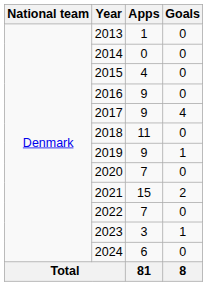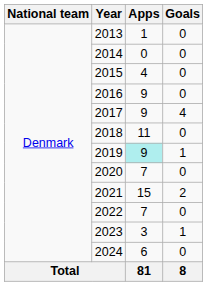 <table class="wikitable" style="text-align:center">
 <tr>
 <th>National team</th>
 <th>Year</th>
 <th>Apps</th>
 <th>Goals</th>
 </tr>
 <tr>
 <td rowspan=12><a href='#'>Denmark</a></td>
 <td>2013</td>
 <td>1</td>
 <td>0</td>
 </tr>
 <tr>
 <td>2014</td>
 <td>0</td>
 <td>0</td>
 </tr>
 <tr>
 <td>2015</td>
 <td>4</td>
 <td>0</td>
 </tr>
 <tr>
 <td>2016</td>
 <td>9</td>
 <td>0</td>
 </tr>
 <tr>
 <td>2017</td>
 <td>9</td>
 <td>4</td>
 </tr>
 <tr>
 <td>2018</td>
 <td>11</td>
 <td>0</td>
 </tr>
 <tr>
 <td>2019</td>
-<td>9</td>
+<td style="background: paleturquoise;">9</td>
 <td>1</td>
 </tr>
 <tr>
 <td>2020</td>
 <td>7</td>
 <td>0</td>
 </tr>
 <tr>
 <td>2021</td>
 <td>15</td>
 <td>2</td>
 </tr>
 <tr>
 <td>2022</td>
 <td>7</td>
 <td>0</td>
 </tr>
 <tr>
 <td>2023</td>
 <td>3</td>
 <td>1</td>
 </tr>
 <tr>
 <td>2024</td>
 <td>6</td>
 <td>0</td>
 </tr>
 <tr>
 <th colspan=2>Total</th>
 <th>81</th>
 <th>8</th>
 </tr>
 </table>
